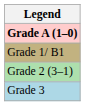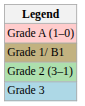 <table class="wikitable" style="font-size:85%;">
 <tr>
 <th>Legend</th>
 </tr>
 <tr bgcolor="ffcccc">
-<td><strong>Grade A (1–0)</strong></td>
+<td>Grade A (1–0)</td>
 </tr>
 <tr bgcolor="C2B280">
 <td>Grade 1/ B1</td>
 </tr>
 <tr bgcolor="ADDFAD">
 <td>Grade 2  (3–1)</td>
 </tr>
 <tr bgcolor="lightblue">
 <td>Grade 3</td>
 </tr>
 </table>
